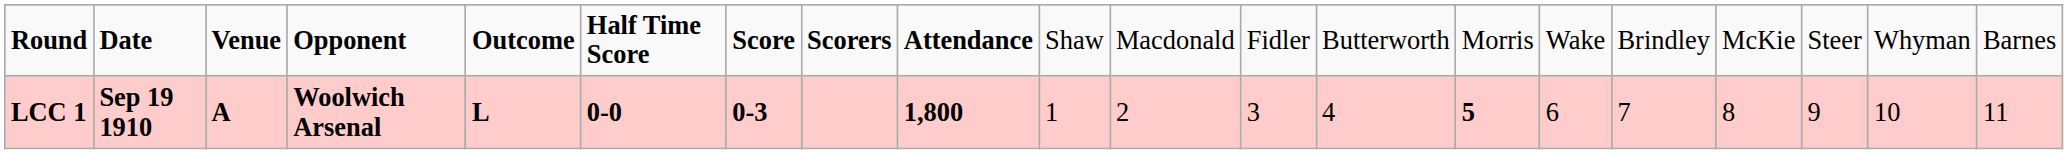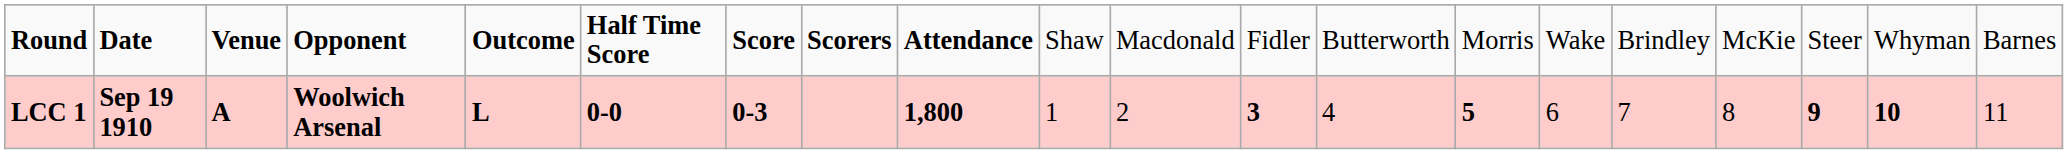 <table class="wikitable">
 <tr>
 <td><strong>Round</strong></td>
 <td><strong>Date</strong></td>
 <td><strong>Venue</strong></td>
 <td><strong>Opponent</strong></td>
 <td><strong>Outcome</strong></td>
 <td><strong>Half Time Score</strong></td>
 <td><strong>Score</strong></td>
 <td><strong>Scorers</strong></td>
 <td><strong>Attendance</strong></td>
 <td>Shaw</td>
 <td>Macdonald</td>
 <td>Fidler</td>
 <td>Butterworth</td>
 <td>Morris</td>
 <td>Wake</td>
 <td>Brindley</td>
 <td>McKie</td>
 <td>Steer</td>
 <td>Whyman</td>
 <td>Barnes</td>
 </tr>
 <tr bgcolor="#FFCCCC">
 <td><strong>LCC 1</strong></td>
 <td><strong>Sep 19 1910</strong></td>
 <td><strong>A</strong></td>
 <td><strong>Woolwich Arsenal</strong></td>
 <td><strong>L</strong></td>
 <td><strong>0-0</strong></td>
 <td><strong>0-3</strong></td>
 <td></td>
 <td><strong>1,800</strong></td>
 <td>1</td>
 <td>2</td>
-<td>3</td>
+<td><strong>3</strong></td>
 <td>4</td>
 <td><strong>5</strong></td>
 <td>6</td>
 <td>7</td>
 <td>8</td>
-<td>9</td>
-<td>10</td>
+<td><strong>9</strong></td>
+<td><strong>10</strong></td>
 <td>11</td>
 </tr>
 </table>
